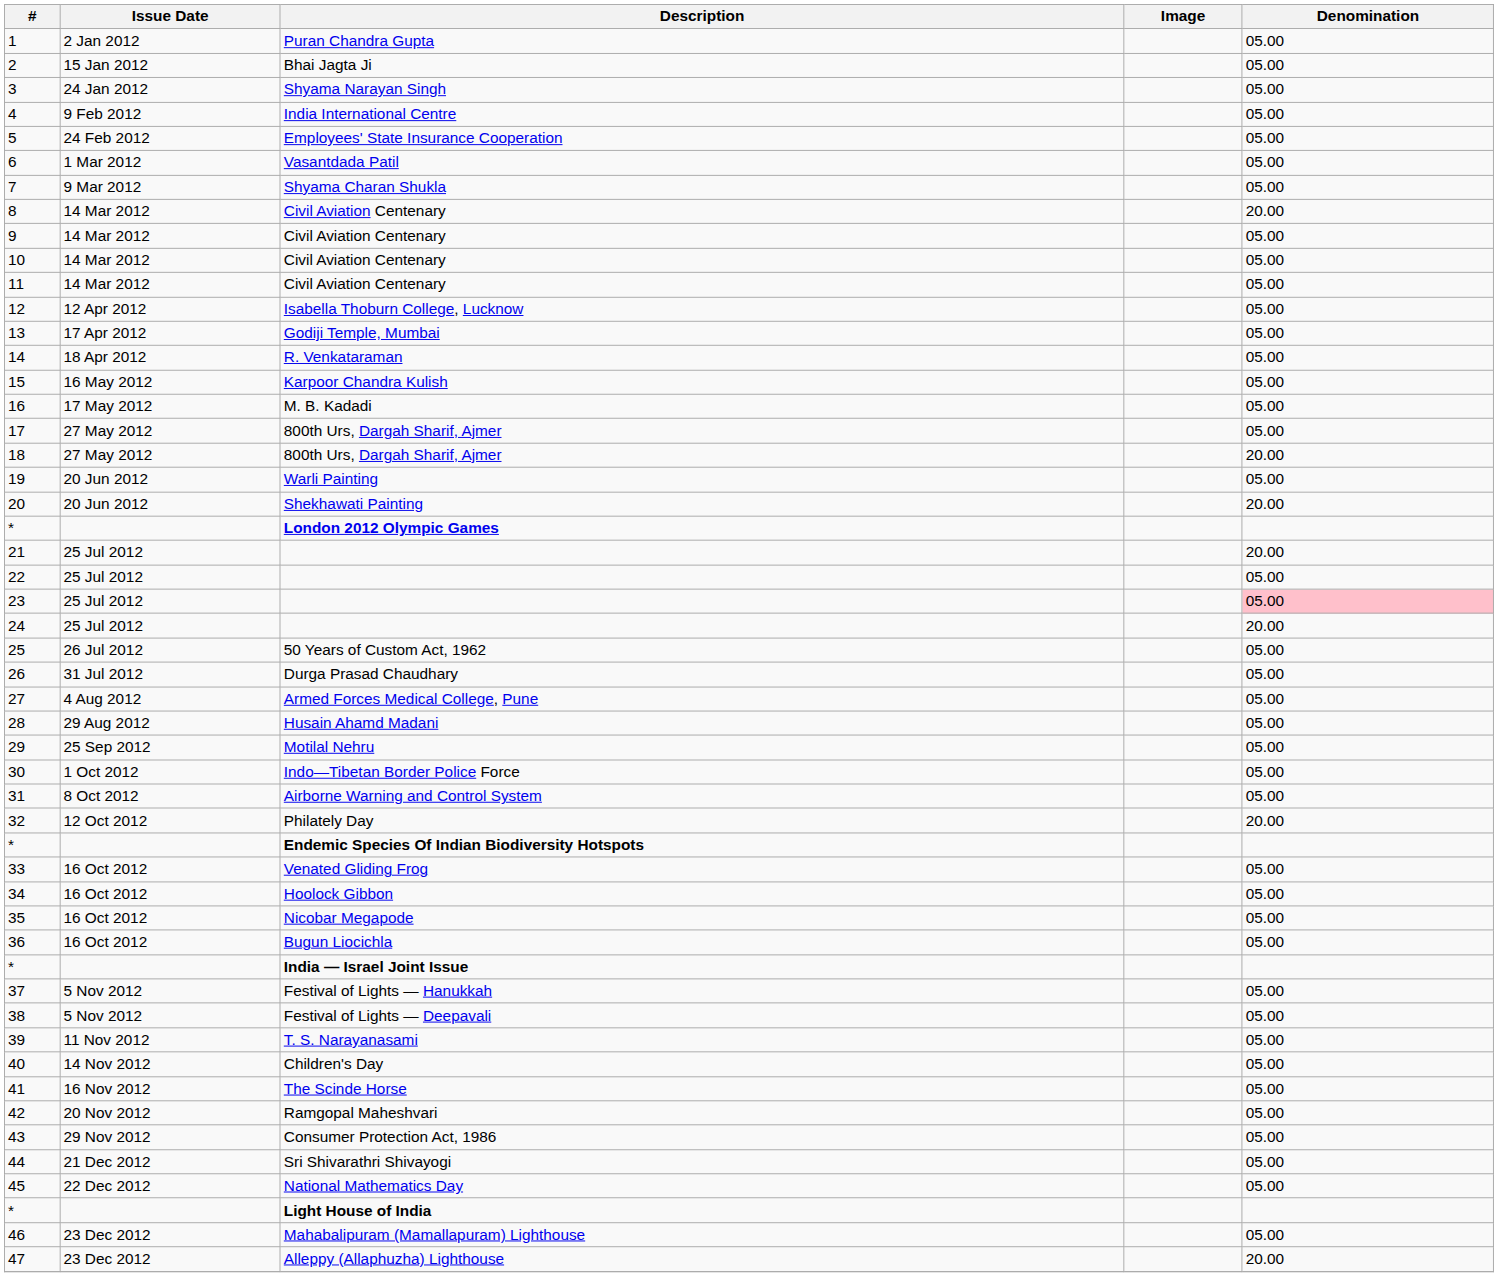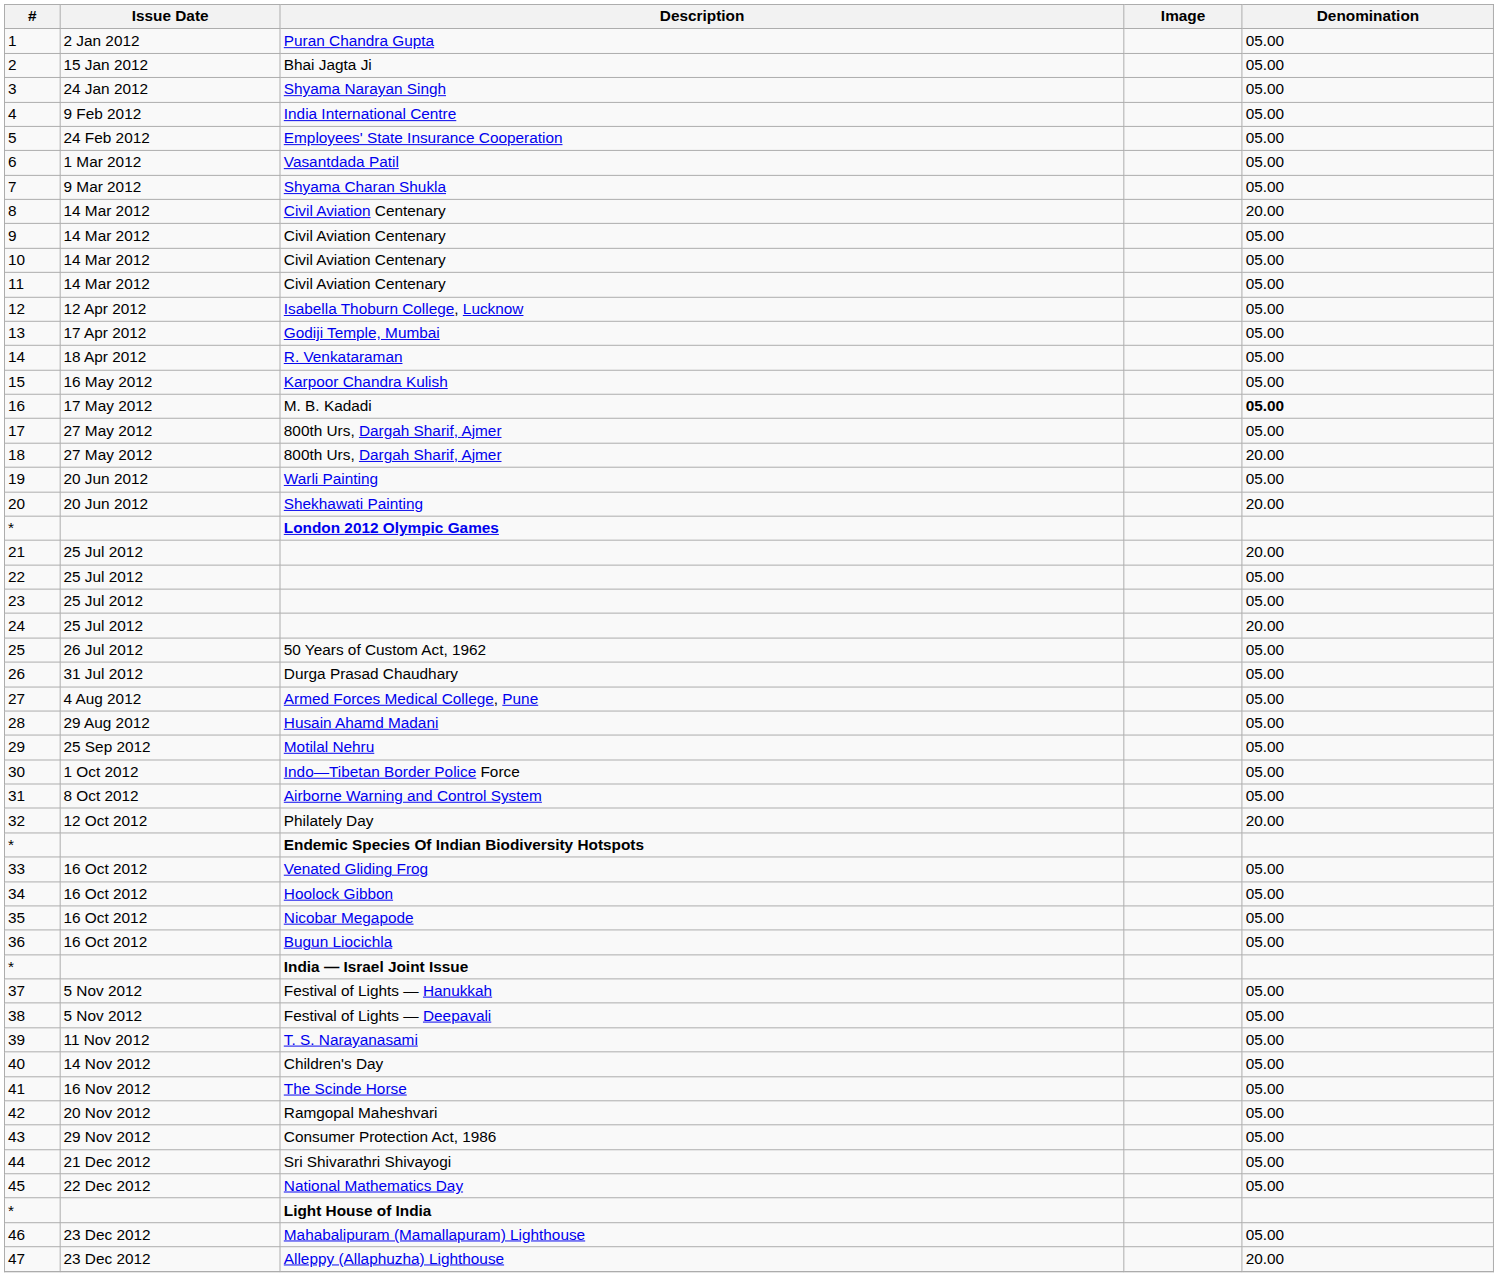 <table class = "wikitable"  style = "text-align:justify" width = "98%">
 <tr>
 <th>#</th>
 <th>Issue Date</th>
 <th>Description</th>
 <th>Image</th>
 <th>Denomination</th>
 </tr>
 <tr>
 <td>1</td>
 <td>2 Jan 2012</td>
 <td><a href='#'>Puran Chandra Gupta</a></td>
 <td></td>
 <td>05.00</td>
 </tr>
 <tr>
 <td>2</td>
 <td>15 Jan 2012</td>
 <td>Bhai Jagta Ji</td>
 <td></td>
 <td>05.00</td>
 </tr>
 <tr>
 <td>3</td>
 <td>24 Jan 2012</td>
 <td><a href='#'>Shyama Narayan Singh</a></td>
 <td></td>
 <td>05.00</td>
 </tr>
 <tr>
 <td>4</td>
 <td>9 Feb 2012</td>
 <td><a href='#'>India International Centre</a></td>
 <td></td>
 <td>05.00</td>
 </tr>
 <tr>
 <td>5</td>
 <td>24 Feb 2012</td>
 <td><a href='#'>Employees' State Insurance Cooperation</a></td>
 <td></td>
 <td>05.00</td>
 </tr>
 <tr>
 <td>6</td>
 <td>1 Mar 2012</td>
 <td><a href='#'>Vasantdada Patil</a></td>
 <td></td>
 <td>05.00</td>
 </tr>
 <tr>
 <td>7</td>
 <td>9 Mar 2012</td>
 <td><a href='#'>Shyama Charan Shukla</a></td>
 <td></td>
 <td>05.00</td>
 </tr>
 <tr>
 <td>8</td>
 <td>14 Mar 2012</td>
 <td><a href='#'>Civil Aviation</a> Centenary</td>
 <td></td>
 <td>20.00</td>
 </tr>
 <tr>
 <td>9</td>
 <td>14 Mar 2012</td>
 <td>Civil Aviation Centenary</td>
 <td></td>
 <td>05.00</td>
 </tr>
 <tr>
 <td>10</td>
 <td>14 Mar 2012</td>
 <td>Civil Aviation Centenary</td>
 <td></td>
 <td>05.00</td>
 </tr>
 <tr>
 <td>11</td>
 <td>14 Mar 2012</td>
 <td>Civil Aviation Centenary</td>
 <td></td>
 <td>05.00</td>
 </tr>
 <tr>
 <td>12</td>
 <td>12 Apr 2012</td>
 <td><a href='#'>Isabella Thoburn College</a>, <a href='#'>Lucknow</a></td>
 <td></td>
 <td>05.00</td>
 </tr>
 <tr>
 <td>13</td>
 <td>17 Apr 2012</td>
 <td><a href='#'>Godiji Temple, Mumbai</a></td>
 <td></td>
 <td>05.00</td>
 </tr>
 <tr>
 <td>14</td>
 <td>18 Apr 2012</td>
 <td><a href='#'>R. Venkataraman</a></td>
 <td></td>
 <td>05.00</td>
 </tr>
 <tr>
 <td>15</td>
 <td>16 May 2012</td>
 <td><a href='#'>Karpoor Chandra Kulish</a></td>
 <td></td>
 <td>05.00</td>
 </tr>
 <tr>
 <td>16</td>
 <td>17 May 2012</td>
 <td>M. B. Kadadi</td>
 <td></td>
-<td>05.00</td>
+<td><strong>05.00</strong></td>
 </tr>
 <tr>
 <td>17</td>
 <td>27 May 2012</td>
 <td>800th Urs, <a href='#'>Dargah Sharif, Ajmer</a></td>
 <td></td>
 <td>05.00</td>
 </tr>
 <tr>
 <td>18</td>
 <td>27 May 2012</td>
 <td>800th Urs, <a href='#'>Dargah Sharif, Ajmer</a></td>
 <td></td>
 <td>20.00</td>
 </tr>
 <tr>
 <td>19</td>
 <td>20 Jun 2012</td>
 <td><a href='#'>Warli Painting</a></td>
 <td></td>
 <td>05.00</td>
 </tr>
 <tr>
 <td>20</td>
 <td>20 Jun 2012</td>
 <td><a href='#'>Shekhawati Painting</a></td>
 <td></td>
 <td>20.00</td>
 </tr>
 <tr>
 <td>*</td>
 <td></td>
 <td><strong><a href='#'>London 2012 Olympic Games</a></strong></td>
 <td></td>
 <td></td>
 </tr>
 <tr>
 <td>21</td>
 <td>25 Jul 2012</td>
 <td></td>
 <td></td>
 <td>20.00</td>
 </tr>
 <tr>
 <td>22</td>
 <td>25 Jul 2012</td>
 <td></td>
 <td></td>
 <td>05.00</td>
 </tr>
 <tr>
 <td>23</td>
 <td>25 Jul 2012</td>
 <td></td>
 <td></td>
-<td style="background: pink;">05.00</td>
+<td>05.00</td>
 </tr>
 <tr>
 <td>24</td>
 <td>25 Jul 2012</td>
 <td></td>
 <td></td>
 <td>20.00</td>
 </tr>
 <tr>
 <td>25</td>
 <td>26 Jul 2012</td>
 <td>50 Years of Custom Act, 1962</td>
 <td></td>
 <td>05.00</td>
 </tr>
 <tr>
 <td>26</td>
 <td>31 Jul 2012</td>
 <td>Durga Prasad Chaudhary</td>
 <td></td>
 <td>05.00</td>
 </tr>
 <tr>
 <td>27</td>
 <td>4 Aug 2012</td>
 <td><a href='#'>Armed Forces Medical College</a>, <a href='#'>Pune</a></td>
 <td></td>
 <td>05.00</td>
 </tr>
 <tr>
 <td>28</td>
 <td>29 Aug 2012</td>
 <td><a href='#'>Husain Ahamd Madani</a></td>
 <td></td>
 <td>05.00</td>
 </tr>
 <tr>
 <td>29</td>
 <td>25 Sep 2012</td>
 <td><a href='#'>Motilal Nehru</a></td>
 <td></td>
 <td>05.00</td>
 </tr>
 <tr>
 <td>30</td>
 <td>1 Oct 2012</td>
 <td><a href='#'>Indo—Tibetan Border Police</a> Force</td>
 <td></td>
 <td>05.00</td>
 </tr>
 <tr>
 <td>31</td>
 <td>8 Oct 2012</td>
 <td><a href='#'>Airborne Warning and Control System</a></td>
 <td></td>
 <td>05.00</td>
 </tr>
 <tr>
 <td>32</td>
 <td>12 Oct 2012</td>
 <td>Philately Day</td>
 <td></td>
 <td>20.00</td>
 </tr>
 <tr>
 <td>*</td>
 <td></td>
 <td><strong>Endemic Species Of Indian Biodiversity Hotspots</strong></td>
 <td></td>
 <td></td>
 </tr>
 <tr>
 <td>33</td>
 <td>16 Oct 2012</td>
 <td><a href='#'>Venated Gliding Frog</a></td>
 <td></td>
 <td>05.00</td>
 </tr>
 <tr>
 <td>34</td>
 <td>16 Oct 2012</td>
 <td><a href='#'>Hoolock Gibbon</a></td>
 <td></td>
 <td>05.00</td>
 </tr>
 <tr>
 <td>35</td>
 <td>16 Oct 2012</td>
 <td><a href='#'>Nicobar Megapode</a></td>
 <td></td>
 <td>05.00</td>
 </tr>
 <tr>
 <td>36</td>
 <td>16 Oct 2012</td>
 <td><a href='#'>Bugun Liocichla</a></td>
 <td></td>
 <td>05.00</td>
 </tr>
 <tr>
 <td>*</td>
 <td></td>
 <td><strong>India — Israel Joint Issue</strong></td>
 <td></td>
 <td></td>
 </tr>
 <tr>
 <td>37</td>
 <td>5 Nov 2012</td>
 <td>Festival of Lights — <a href='#'>Hanukkah</a></td>
 <td></td>
 <td>05.00</td>
 </tr>
 <tr>
 <td>38</td>
 <td>5 Nov 2012</td>
 <td>Festival of Lights — <a href='#'>Deepavali</a></td>
 <td></td>
 <td>05.00</td>
 </tr>
 <tr>
 <td>39</td>
 <td>11 Nov 2012</td>
 <td><a href='#'>T. S. Narayanasami</a></td>
 <td></td>
 <td>05.00</td>
 </tr>
 <tr>
 <td>40</td>
 <td>14 Nov 2012</td>
 <td>Children's Day</td>
 <td></td>
 <td>05.00</td>
 </tr>
 <tr>
 <td>41</td>
 <td>16 Nov 2012</td>
 <td><a href='#'>The Scinde Horse</a></td>
 <td></td>
 <td>05.00</td>
 </tr>
 <tr>
 <td>42</td>
 <td>20 Nov 2012</td>
 <td>Ramgopal Maheshvari</td>
 <td></td>
 <td>05.00</td>
 </tr>
 <tr>
 <td>43</td>
 <td>29 Nov 2012</td>
 <td>Consumer Protection Act, 1986</td>
 <td></td>
 <td>05.00</td>
 </tr>
 <tr>
 <td>44</td>
 <td>21 Dec 2012</td>
 <td>Sri Shivarathri Shivayogi</td>
 <td></td>
 <td>05.00</td>
 </tr>
 <tr>
 <td>45</td>
 <td>22 Dec 2012</td>
 <td><a href='#'>National Mathematics Day</a></td>
 <td></td>
 <td>05.00</td>
 </tr>
 <tr>
 <td>*</td>
 <td></td>
 <td><strong>Light House of India</strong></td>
 <td></td>
 <td></td>
 </tr>
 <tr>
 <td>46</td>
 <td>23 Dec 2012</td>
 <td><a href='#'>Mahabalipuram (Mamallapuram) Lighthouse</a></td>
 <td></td>
 <td>05.00</td>
 </tr>
 <tr>
 <td>47</td>
 <td>23 Dec 2012</td>
 <td><a href='#'>Alleppy (Allaphuzha) Lighthouse</a></td>
 <td></td>
 <td>20.00</td>
 </tr>
 <tr>
 </tr>
 </table>
